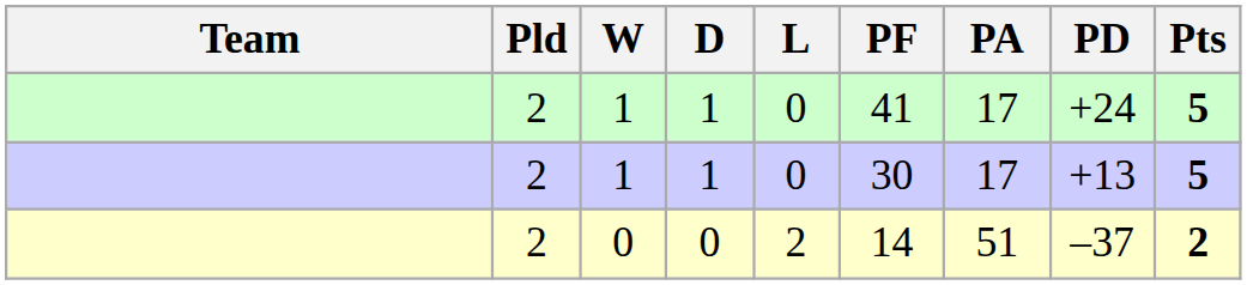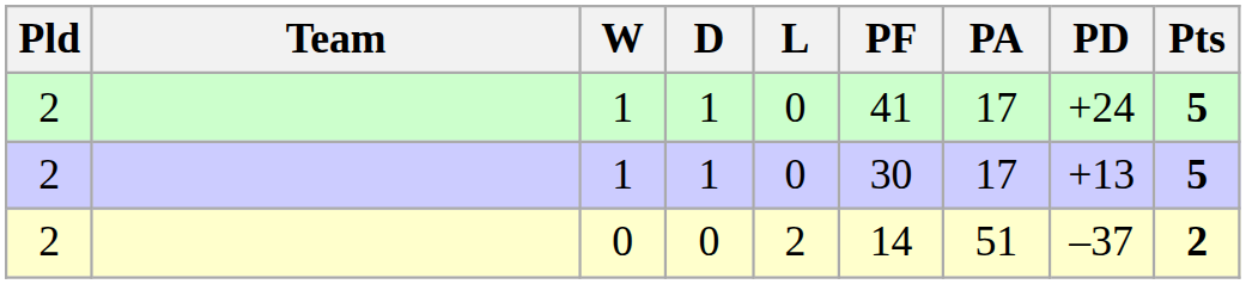 <table class="wikitable" style="text-align:center;">
 <tr>
+<th width=25 abbr="Played">Pld</th>
 <th width=175>Team</th>
-<th width=25 abbr="Played">Pld</th>
 <th width=25 abbr="Won">W</th>
 <th width=25 abbr="Drawn">D</th>
 <th width=25 abbr="Lost">L</th>
 <th width=32 abbr="Points for">PF</th>
 <th width=32 abbr="Points against">PA</th>
 <th width=32 abbr="Points difference">PD</th>
 <th width=25 abbr="Points">Pts</th>
 </tr>
 <tr bgcolor=ccffcc>
+<td>2</td>
 <td align=left></td>
-<td>2</td>
 <td>1</td>
 <td>1</td>
 <td>0</td>
 <td>41</td>
 <td>17</td>
 <td>+24</td>
 <td><strong>5</strong></td>
 </tr>
 <tr bgcolor=ccccff>
+<td>2</td>
 <td align=left></td>
-<td>2</td>
 <td>1</td>
 <td>1</td>
 <td>0</td>
 <td>30</td>
 <td>17</td>
 <td>+13</td>
 <td><strong>5</strong></td>
 </tr>
 <tr bgcolor=ffffcc>
+<td>2</td>
 <td align=left></td>
-<td>2</td>
 <td>0</td>
 <td>0</td>
 <td>2</td>
 <td>14</td>
 <td>51</td>
 <td>–37</td>
 <td><strong>2</strong></td>
 </tr>
 </table>
